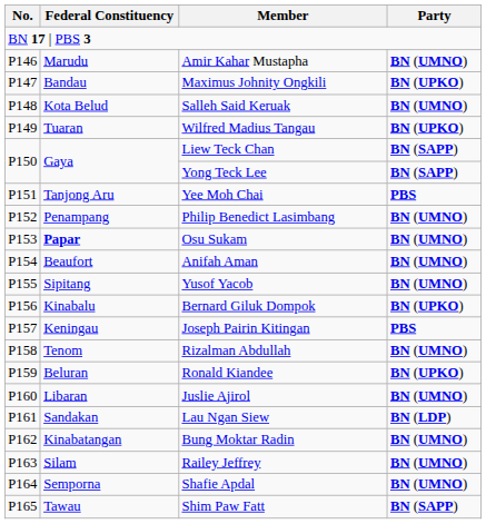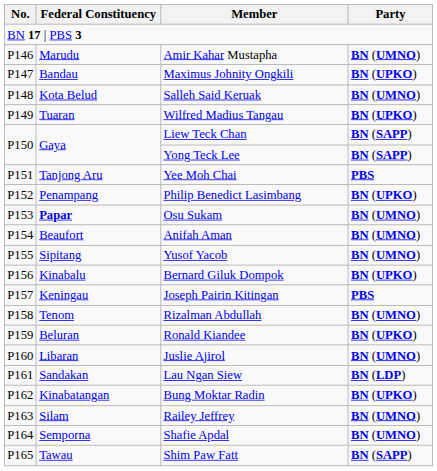 <table class="wikitable sortable">
 <tr>
 <th style="width:30px;">No.</th>
 <th style="width:150px;">Federal Constituency</th>
 <th style="width:230px;">Member</th>
 <th style="width:100px;">Party</th>
 </tr>
 <tr>
 <td colspan="4"><a href='#'>BN</a> <strong>17</strong> | <a href='#'>PBS</a> <strong>3</strong></td>
 </tr>
 <tr>
 <td>P146</td>
 <td><a href='#'>Marudu</a></td>
 <td><a href='#'>Amir Kahar</a> Mustapha</td>
 <td><strong><a href='#'>BN</a></strong> (<strong><a href='#'>UMNO</a></strong>)</td>
 </tr>
 <tr>
 <td>P147</td>
 <td><a href='#'>Bandau</a></td>
 <td><a href='#'>Maximus Johnity Ongkili</a></td>
 <td><strong><a href='#'>BN</a></strong> (<strong><a href='#'>UPKO</a></strong>)</td>
 </tr>
 <tr>
 <td>P148</td>
 <td><a href='#'>Kota Belud</a></td>
 <td><a href='#'>Salleh Said Keruak</a></td>
 <td><strong><a href='#'>BN</a></strong> (<strong><a href='#'>UMNO</a></strong>)</td>
 </tr>
 <tr>
 <td>P149</td>
 <td><a href='#'>Tuaran</a></td>
 <td><a href='#'>Wilfred Madius Tangau</a></td>
 <td><strong><a href='#'>BN</a></strong> (<strong><a href='#'>UPKO</a></strong>)</td>
 </tr>
 <tr>
 <td rowspan=2>P150</td>
 <td rowspan=2><a href='#'>Gaya</a></td>
 <td><a href='#'>Liew Teck Chan</a> </td>
 <td><strong><a href='#'>BN</a></strong> (<strong><a href='#'>SAPP</a></strong>)</td>
 </tr>
 <tr>
 <td><a href='#'>Yong Teck Lee</a> </td>
 <td><strong><a href='#'>BN</a></strong> (<strong><a href='#'>SAPP</a></strong>)</td>
 </tr>
 <tr>
 <td>P151</td>
 <td><a href='#'>Tanjong Aru</a></td>
 <td><a href='#'>Yee Moh Chai</a></td>
 <td><strong><a href='#'>PBS</a></strong></td>
 </tr>
 <tr>
 <td>P152</td>
 <td><a href='#'>Penampang</a></td>
 <td><a href='#'>Philip Benedict Lasimbang</a></td>
-<td><strong><a href='#'>BN</a></strong> (<strong><a href='#'>UMNO</a></strong>)</td>
+<td><strong><a href='#'>BN</a></strong> (<strong><a href='#'>UPKO</a></strong>)</td>
 </tr>
 <tr>
 <td>P153</td>
 <td><strong><a href='#'>Papar</a></strong></td>
 <td><a href='#'>Osu Sukam</a></td>
 <td><strong><a href='#'>BN</a></strong> (<strong><a href='#'>UMNO</a></strong>)</td>
 </tr>
 <tr>
 <td>P154</td>
 <td><a href='#'>Beaufort</a></td>
 <td><a href='#'>Anifah Aman</a></td>
 <td><strong><a href='#'>BN</a></strong> (<strong><a href='#'>UMNO</a></strong>)</td>
 </tr>
 <tr>
 <td>P155</td>
 <td><a href='#'>Sipitang</a></td>
 <td><a href='#'>Yusof Yacob</a></td>
 <td><strong><a href='#'>BN</a></strong> (<strong><a href='#'>UMNO</a></strong>)</td>
 </tr>
 <tr>
 <td>P156</td>
 <td><a href='#'>Kinabalu</a></td>
 <td><a href='#'>Bernard Giluk Dompok</a></td>
 <td><strong><a href='#'>BN</a></strong> (<strong><a href='#'>UPKO</a></strong>)</td>
 </tr>
 <tr>
 <td>P157</td>
 <td><a href='#'>Keningau</a></td>
 <td><a href='#'>Joseph Pairin Kitingan</a></td>
 <td><strong><a href='#'>PBS</a></strong></td>
 </tr>
 <tr>
 <td>P158</td>
 <td><a href='#'>Tenom</a></td>
 <td><a href='#'>Rizalman Abdullah</a></td>
 <td><strong><a href='#'>BN</a></strong> (<strong><a href='#'>UMNO</a></strong>)</td>
 </tr>
 <tr>
 <td>P159</td>
 <td><a href='#'>Beluran</a></td>
 <td><a href='#'>Ronald Kiandee</a></td>
 <td><strong><a href='#'>BN</a></strong> (<strong><a href='#'>UPKO</a></strong>)</td>
 </tr>
 <tr>
 <td>P160</td>
 <td><a href='#'>Libaran</a></td>
 <td><a href='#'>Juslie Ajirol</a></td>
 <td><strong><a href='#'>BN</a></strong> (<strong><a href='#'>UMNO</a></strong>)</td>
 </tr>
 <tr>
 <td>P161</td>
 <td><a href='#'>Sandakan</a></td>
 <td><a href='#'>Lau Ngan Siew</a></td>
 <td><strong><a href='#'>BN</a></strong> (<strong><a href='#'>LDP</a></strong>)</td>
 </tr>
 <tr>
 <td>P162</td>
 <td><a href='#'>Kinabatangan</a></td>
 <td><a href='#'>Bung Moktar Radin</a></td>
-<td><strong><a href='#'>BN</a></strong> (<strong><a href='#'>UMNO</a></strong>)</td>
+<td><strong><a href='#'>BN</a></strong> (<strong><a href='#'>UPKO</a></strong>)</td>
 </tr>
 <tr>
 <td>P163</td>
 <td><a href='#'>Silam</a></td>
 <td><a href='#'>Railey Jeffrey</a></td>
 <td><strong><a href='#'>BN</a></strong> (<strong><a href='#'>UMNO</a></strong>)</td>
 </tr>
 <tr>
 <td>P164</td>
 <td><a href='#'>Semporna</a></td>
 <td><a href='#'>Shafie Apdal</a></td>
 <td><strong><a href='#'>BN</a></strong> (<strong><a href='#'>UMNO</a></strong>)</td>
 </tr>
 <tr>
 <td>P165</td>
 <td><a href='#'>Tawau</a></td>
 <td><a href='#'>Shim Paw Fatt</a></td>
 <td><strong><a href='#'>BN</a></strong> (<strong><a href='#'>SAPP</a></strong>)</td>
 </tr>
 </table>
